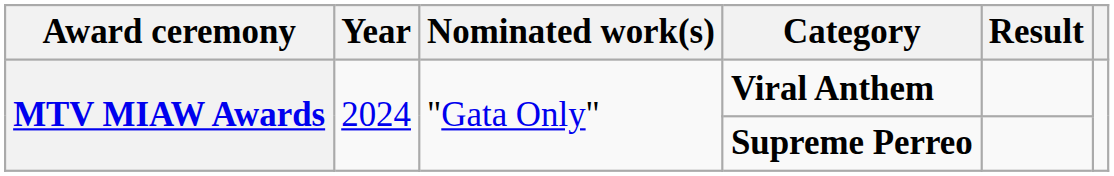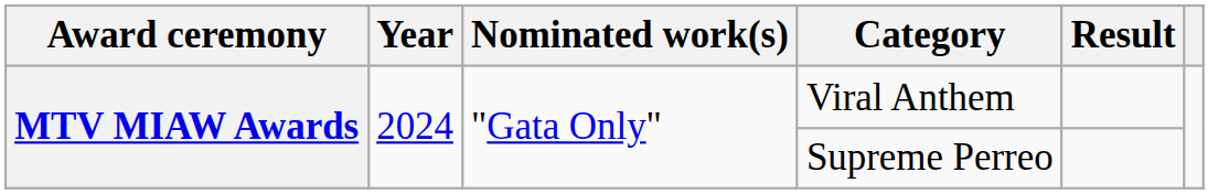 <table class="wikitable sortable plainrowheaders">
 <tr>
 <th scope="col">Award ceremony</th>
 <th scope="col">Year</th>
 <th scope="col">Nominated work(s)</th>
 <th scope="col">Category</th>
 <th scope="col">Result</th>
 <th scope="col" class="unsortable"></th>
 </tr>
 <tr>
 <th rowspan="2" scope="row"><a href='#'>MTV MIAW Awards</a></th>
 <td rowspan="2" style="text-align:center;"><a href='#'>2024</a></td>
 <td rowspan="2">"<a href='#'>Gata Only</a>" </td>
-<td><strong>Viral Anthem</strong></td>
+<td>Viral Anthem</td>
 <td></td>
 <td rowspan="2" style="text-align:center;"></td>
 </tr>
 <tr>
-<td><strong>Supreme Perreo</strong></td>
+<td>Supreme Perreo</td>
 <td></td>
 </tr>
 </table>
